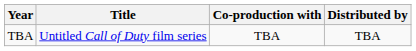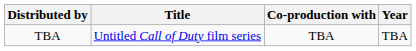 <table class="wikitable sortable">
 <tr>
-<th>Year</th>
+<th>Distributed by</th>
 <th>Title</th>
 <th class="unsortable">Co-production with</th>
-<th>Distributed by</th>
+<th>Year</th>
 </tr>
 <tr style="text-align:center;">
 <td>TBA</td>
 <td><a href='#'>Untitled <em>Call of Duty</em> film series</a></td>
 <td>TBA</td>
 <td>TBA</td>
 </tr>
 </table>
